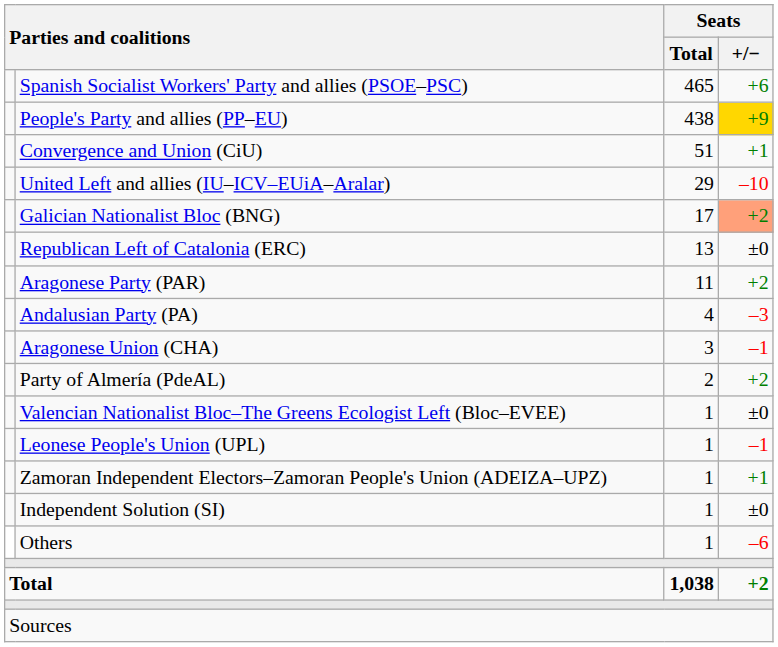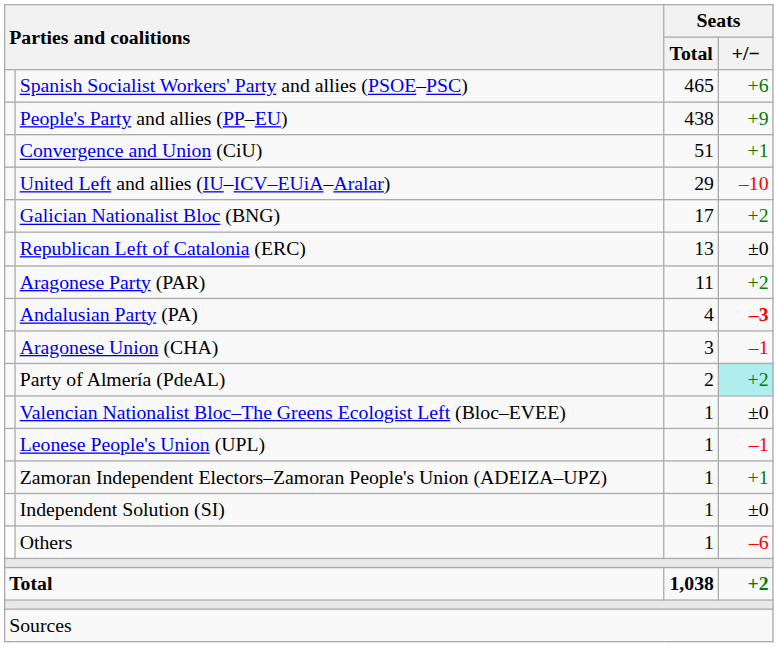 <table class="wikitable" style="text-align:right; font-size:95%;">
 <tr>
 <th style="text-align:left;" rowspan="2" colspan="2" width="500">Parties and coalitions</th>
 <th colspan="2">Seats</th>
 </tr>
 <tr>
 <th width="35">Total</th>
 <th width="35">+/−</th>
 </tr>
 <tr>
 <td width="1" style="color:inherit;background:"></td>
 <td align="left"><a href='#'>Spanish Socialist Workers' Party</a> and allies (<a href='#'>PSOE</a>–<a href='#'>PSC</a>)</td>
 <td>465</td>
 <td style="color:green;">+6</td>
 </tr>
 <tr>
 <td style="color:inherit;background:"></td>
 <td align="left"><a href='#'>People's Party</a> and allies (<a href='#'>PP</a>–<a href='#'>EU</a>)</td>
 <td>438</td>
-<td style="background: gold; color:green;">+9</td>
+<td style="color:green;">+9</td>
 </tr>
 <tr>
 <td style="color:inherit;background:"></td>
 <td align="left"><a href='#'>Convergence and Union</a> (CiU)</td>
 <td>51</td>
 <td style="color:green;">+1</td>
 </tr>
 <tr>
 <td style="color:inherit;background:"></td>
 <td align="left"><a href='#'>United Left</a> and allies (<a href='#'>IU</a>–<a href='#'>ICV–EUiA</a>–<a href='#'>Aralar</a>)</td>
 <td>29</td>
 <td style="color:red;">–10</td>
 </tr>
 <tr>
 <td style="color:inherit;background:"></td>
 <td align="left"><a href='#'>Galician Nationalist Bloc</a> (BNG)</td>
 <td>17</td>
-<td style="background: lightsalmon; color:green;">+2</td>
+<td style="color:green;">+2</td>
 </tr>
 <tr>
 <td style="color:inherit;background:"></td>
 <td align="left"><a href='#'>Republican Left of Catalonia</a> (ERC)</td>
 <td>13</td>
 <td>±0</td>
 </tr>
 <tr>
 <td style="color:inherit;background:"></td>
 <td align="left"><a href='#'>Aragonese Party</a> (PAR)</td>
 <td>11</td>
 <td style="color:green;">+2</td>
 </tr>
 <tr>
 <td style="color:inherit;background:"></td>
 <td align="left"><a href='#'>Andalusian Party</a> (PA)</td>
 <td>4</td>
-<td style="color:red;">–3</td>
+<td style="color:red;"><strong>–3</strong></td>
 </tr>
 <tr>
 <td style="color:inherit;background:"></td>
 <td align="left"><a href='#'>Aragonese Union</a> (CHA)</td>
 <td>3</td>
 <td style="color:red;">–1</td>
 </tr>
 <tr>
 <td style="color:inherit;background:"></td>
 <td align="left">Party of Almería (PdeAL)</td>
 <td>2</td>
-<td style="color:green;">+2</td>
+<td style="background: paleturquoise; color:green;">+2</td>
 </tr>
 <tr>
 <td style="color:inherit;background:"></td>
 <td align="left"><a href='#'>Valencian Nationalist Bloc–The Greens Ecologist Left</a> (Bloc–EVEE)</td>
 <td>1</td>
 <td>±0</td>
 </tr>
 <tr>
 <td style="color:inherit;background:"></td>
 <td align="left"><a href='#'>Leonese People's Union</a> (UPL)</td>
 <td>1</td>
 <td style="color:red;">–1</td>
 </tr>
 <tr>
 <td style="color:inherit;background:"></td>
 <td align="left">Zamoran Independent Electors–Zamoran People's Union (ADEIZA–UPZ)</td>
 <td>1</td>
 <td style="color:green;">+1</td>
 </tr>
 <tr>
 <td style="color:inherit;background:"></td>
 <td align="left">Independent Solution (SI)</td>
 <td>1</td>
 <td>±0</td>
 </tr>
 <tr>
 <td bgcolor="white"></td>
 <td align="left">Others</td>
 <td>1</td>
 <td style="color:red;">–6</td>
 </tr>
 <tr>
 <td colspan="4" bgcolor="#E9E9E9"></td>
 </tr>
 <tr style="font-weight:bold;">
 <td align="left" colspan="2">Total</td>
 <td>1,038</td>
 <td style="color:green;">+2</td>
 </tr>
 <tr>
 <td colspan="4" bgcolor="#E9E9E9"></td>
 </tr>
 <tr>
 <td align="left" colspan="4">Sources</td>
 </tr>
 </table>
